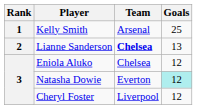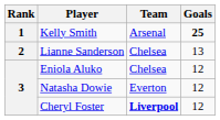 <table class="wikitable">
 <tr>
 <th>Rank</th>
 <th>Player</th>
 <th>Team</th>
 <th>Goals</th>
 </tr>
 <tr>
 <th>1</th>
 <td> <a href='#'>Kelly Smith</a></td>
 <td><a href='#'>Arsenal</a></td>
-<td align=center>25</td>
+<td align=center><strong>25</strong></td>
 </tr>
 <tr>
 <th>2</th>
 <td> <a href='#'>Lianne Sanderson</a></td>
-<td><strong><a href='#'>Chelsea</a></strong></td>
+<td><a href='#'>Chelsea</a></td>
 <td align=center>13</td>
 </tr>
 <tr>
 <th rowspan=3>3</th>
 <td> <a href='#'>Eniola Aluko</a></td>
 <td><a href='#'>Chelsea</a></td>
 <td align=center>12</td>
 </tr>
 <tr>
 <td> <a href='#'>Natasha Dowie</a></td>
 <td><a href='#'>Everton</a></td>
-<td align=center style="background: paleturquoise;">12</td>
+<td align=center>12</td>
 </tr>
 <tr>
 <td> <a href='#'>Cheryl Foster</a></td>
-<td><a href='#'>Liverpool</a></td>
+<td><strong><a href='#'>Liverpool</a></strong></td>
 <td align=center>12</td>
 </tr>
 </table>
